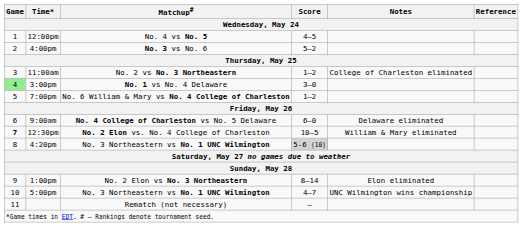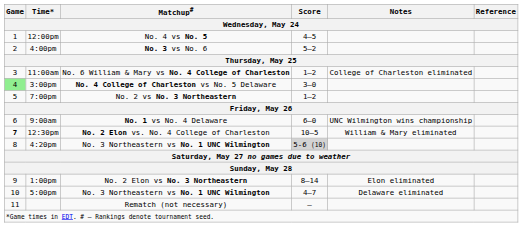 <table class="wikitable" style="font-size: 95%">
 <tr align="center">
 <th>Game</th>
 <th>Time*</th>
 <th>Matchup<sup>#</sup></th>
 <th>Score</th>
 <th>Notes</th>
 <th>Reference</th>
 </tr>
 <tr>
 <th colspan=7>Wednesday, May 24</th>
 </tr>
 <tr>
 <td style="text-align:center;">1</td>
 <td style="text-align:center;">12:00pm</td>
 <td style="text-align:center;">No. 4  vs <strong>No. 5 </strong></td>
 <td style="text-align:center;">4–5</td>
 <td style="text-align:center;"></td>
 <td style="text-align:center;"></td>
 </tr>
 <tr>
 <td style="text-align:center;">2</td>
 <td style="text-align:center;">4:00pm</td>
 <td style="text-align:center;"><strong>No. 3 </strong> vs No. 6 </td>
 <td style="text-align:center;">5–2</td>
 <td style="text-align:center;"></td>
 <td style="text-align:center;"></td>
 </tr>
 <tr>
 <th colspan=7>Thursday, May 25</th>
 </tr>
 <tr>
 <td style="text-align:center;">3</td>
 <td style="text-align:center;">11:00am</td>
-<td style="text-align:center;">No. 2  vs <strong>No. 3 Northeastern</strong></td>
+<td style="text-align:center;">No. 6 William & Mary vs <strong>No. 4 College of Charleston</strong></td>
 <td style="text-align:center;">1–2</td>
 <td style="text-align:center;">College of Charleston eliminated</td>
 <td style="text-align:center;"></td>
 </tr>
 <tr>
 <td style="background: lightgreen; text-align:center;">4</td>
 <td style="text-align:center;">3:00pm</td>
-<td style="text-align:center;"><strong>No. 1 </strong> vs No. 4 Delaware</td>
+<td style="text-align:center;"><strong>No. 4 College of Charleston</strong> vs No. 5 Delaware</td>
 <td style="text-align:center;">3–0</td>
 <td style="text-align:center;"></td>
 <td style="text-align:center;"></td>
 </tr>
 <tr>
 <td style="text-align:center;">5</td>
 <td style="text-align:center;">7:00pm</td>
-<td style="text-align:center;">No. 6 William & Mary vs <strong>No. 4 College of Charleston</strong></td>
+<td style="text-align:center;">No. 2  vs <strong>No. 3 Northeastern</strong></td>
 <td style="text-align:center;">1–2</td>
 <td style="text-align:center;"></td>
 <td style="text-align:center;"></td>
 </tr>
 <tr>
 <th colspan=7>Friday, May 26</th>
 </tr>
 <tr>
 <td style="text-align:center;">6</td>
 <td style="text-align:center;">9:00am</td>
-<td style="text-align:center;"><strong>No. 4 College of Charleston</strong> vs No. 5 Delaware</td>
+<td style="text-align:center;"><strong>No. 1 </strong> vs No. 4 Delaware</td>
 <td style="text-align:center;">6–0</td>
-<td style="text-align:center;">Delaware eliminated</td>
+<td style="text-align:center;">UNC Wilmington wins championship</td>
 <td style="text-align:center;"></td>
 </tr>
 <tr>
 <td style="text-align:center;"><strong>7</strong></td>
 <td style="text-align:center;">12:30pm</td>
 <td style="text-align:center;"><strong>No. 2 Elon</strong> vs. No. 4 College of Charleston</td>
 <td style="text-align:center;">10–5</td>
 <td style="text-align:center;">William & Mary eliminated</td>
 <td style="text-align:center;"></td>
 </tr>
 <tr>
 <td style="text-align:center;">8</td>
 <td style="text-align:center;">4:20pm</td>
 <td style="text-align:center;">No. 3 Northeastern vs <strong>No. 1 UNC Wilmington</strong></td>
 <td style="background: lightgrey; text-align:center;">5-6 <small>(10)</small></td>
 <td style="text-align:center;"></td>
 <td style="text-align:center;"></td>
 </tr>
 <tr>
 <th colspan=7>Saturday, May 27 <em>no games due to weather</em></th>
 </tr>
 <tr>
 <th colspan=7>Sunday, May 28</th>
 </tr>
 <tr>
 <td style="text-align:center;">9</td>
 <td style="text-align:center;">1:00pm</td>
 <td style="text-align:center;">No. 2 Elon vs <strong>No. 3 Northeastern</strong></td>
 <td style="text-align:center;">8–14</td>
 <td style="text-align:center;">Elon eliminated</td>
 <td style="text-align:center;"></td>
 </tr>
 <tr>
 <td style="text-align:center;">10</td>
 <td style="text-align:center;">5:00pm</td>
 <td style="text-align:center;">No. 3 Northeastern vs <strong>No. 1 UNC Wilmington</strong></td>
 <td style="text-align:center;">4–7</td>
-<td style="text-align:center;">UNC Wilmington wins championship</td>
+<td style="text-align:center;">Delaware eliminated</td>
 <td style="text-align:center;"></td>
 </tr>
 <tr>
 <td style="text-align:center;">11</td>
 <td style="text-align:center;"></td>
 <td style="text-align:center;">Rematch (not necessary)</td>
 <td style="text-align:center;">–</td>
 <td style="text-align:center;"></td>
 <td style="text-align:center;"></td>
 </tr>
 <tr>
 <td colspan=7><small>*Game times in <a href='#'>EDT</a>. # – Rankings denote tournament seed. </small></td>
 </tr>
 </table>
